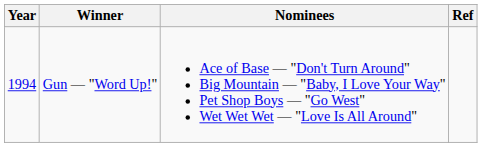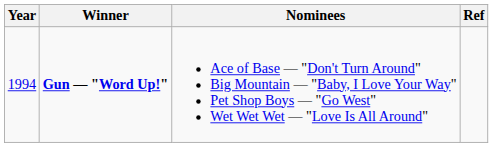 <table class="wikitable">
 <tr>
 <th>Year</th>
 <th>Winner</th>
 <th>Nominees</th>
 <th>Ref</th>
 </tr>
 <tr>
 <td><a href='#'>1994</a></td>
-<td><a href='#'>Gun</a> — "<a href='#'>Word Up!</a>"</td>
+<td><strong><a href='#'>Gun</a> — "<a href='#'>Word Up!</a>"</strong></td>
 <td><br><ul><li><a href='#'>Ace of Base</a> — "<a href='#'>Don't Turn Around</a>"</li><li><a href='#'>Big Mountain</a> — "<a href='#'>Baby, I Love Your Way</a>"</li><li><a href='#'>Pet Shop Boys</a> — "<a href='#'>Go West</a>"</li><li><a href='#'>Wet Wet Wet</a> — "<a href='#'>Love Is All Around</a>"</li></ul></td>
 <td></td>
 </tr>
 </table>
